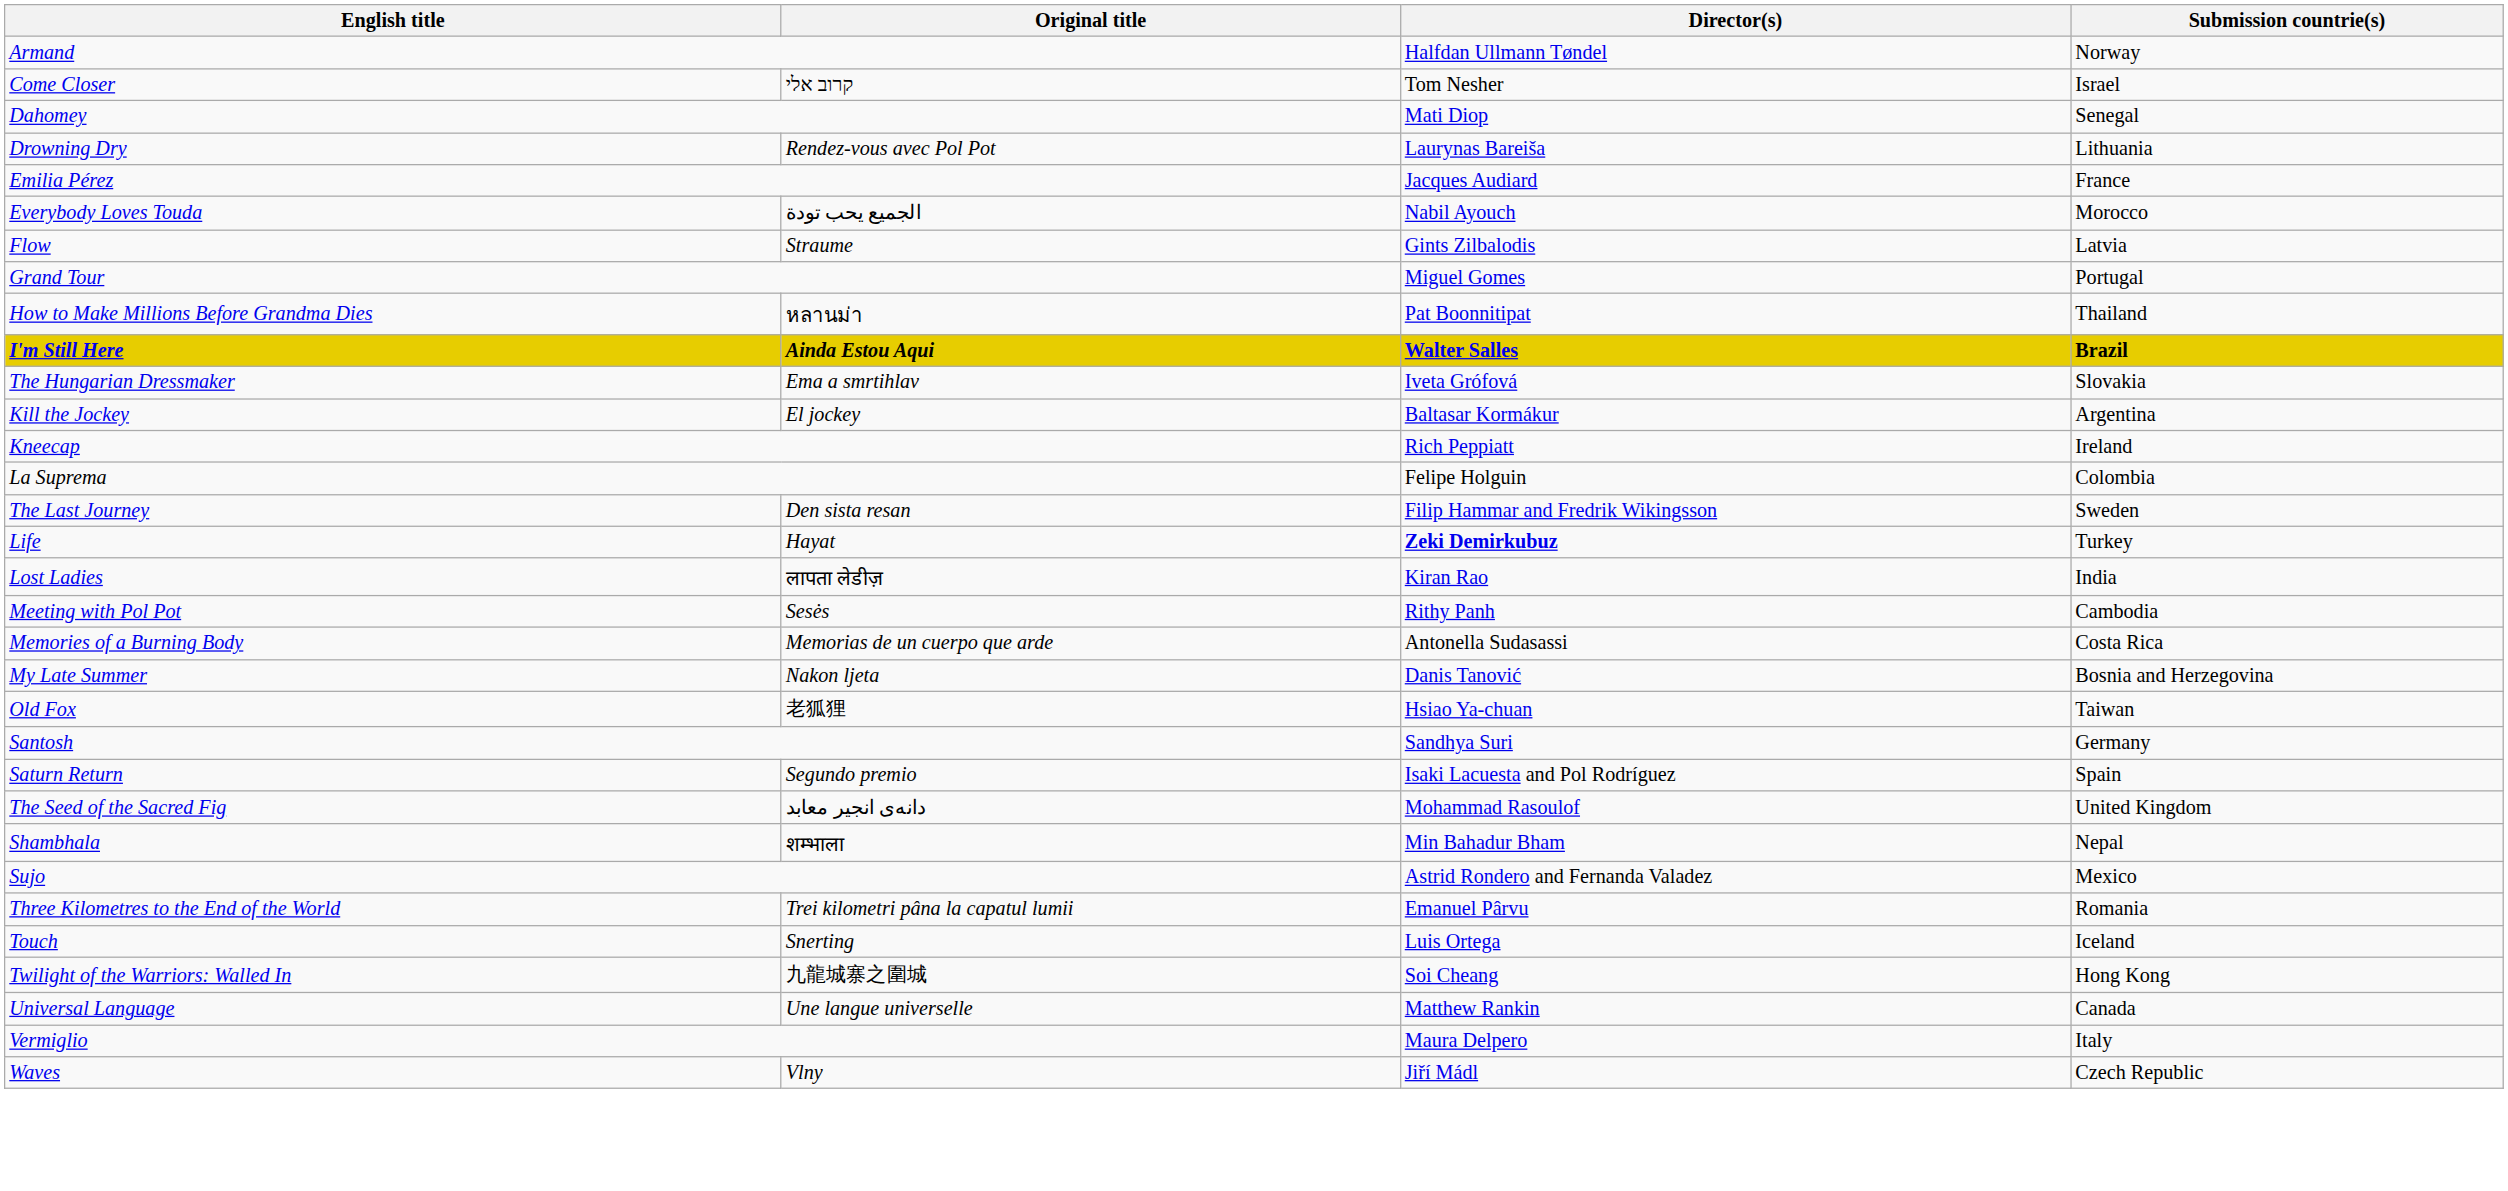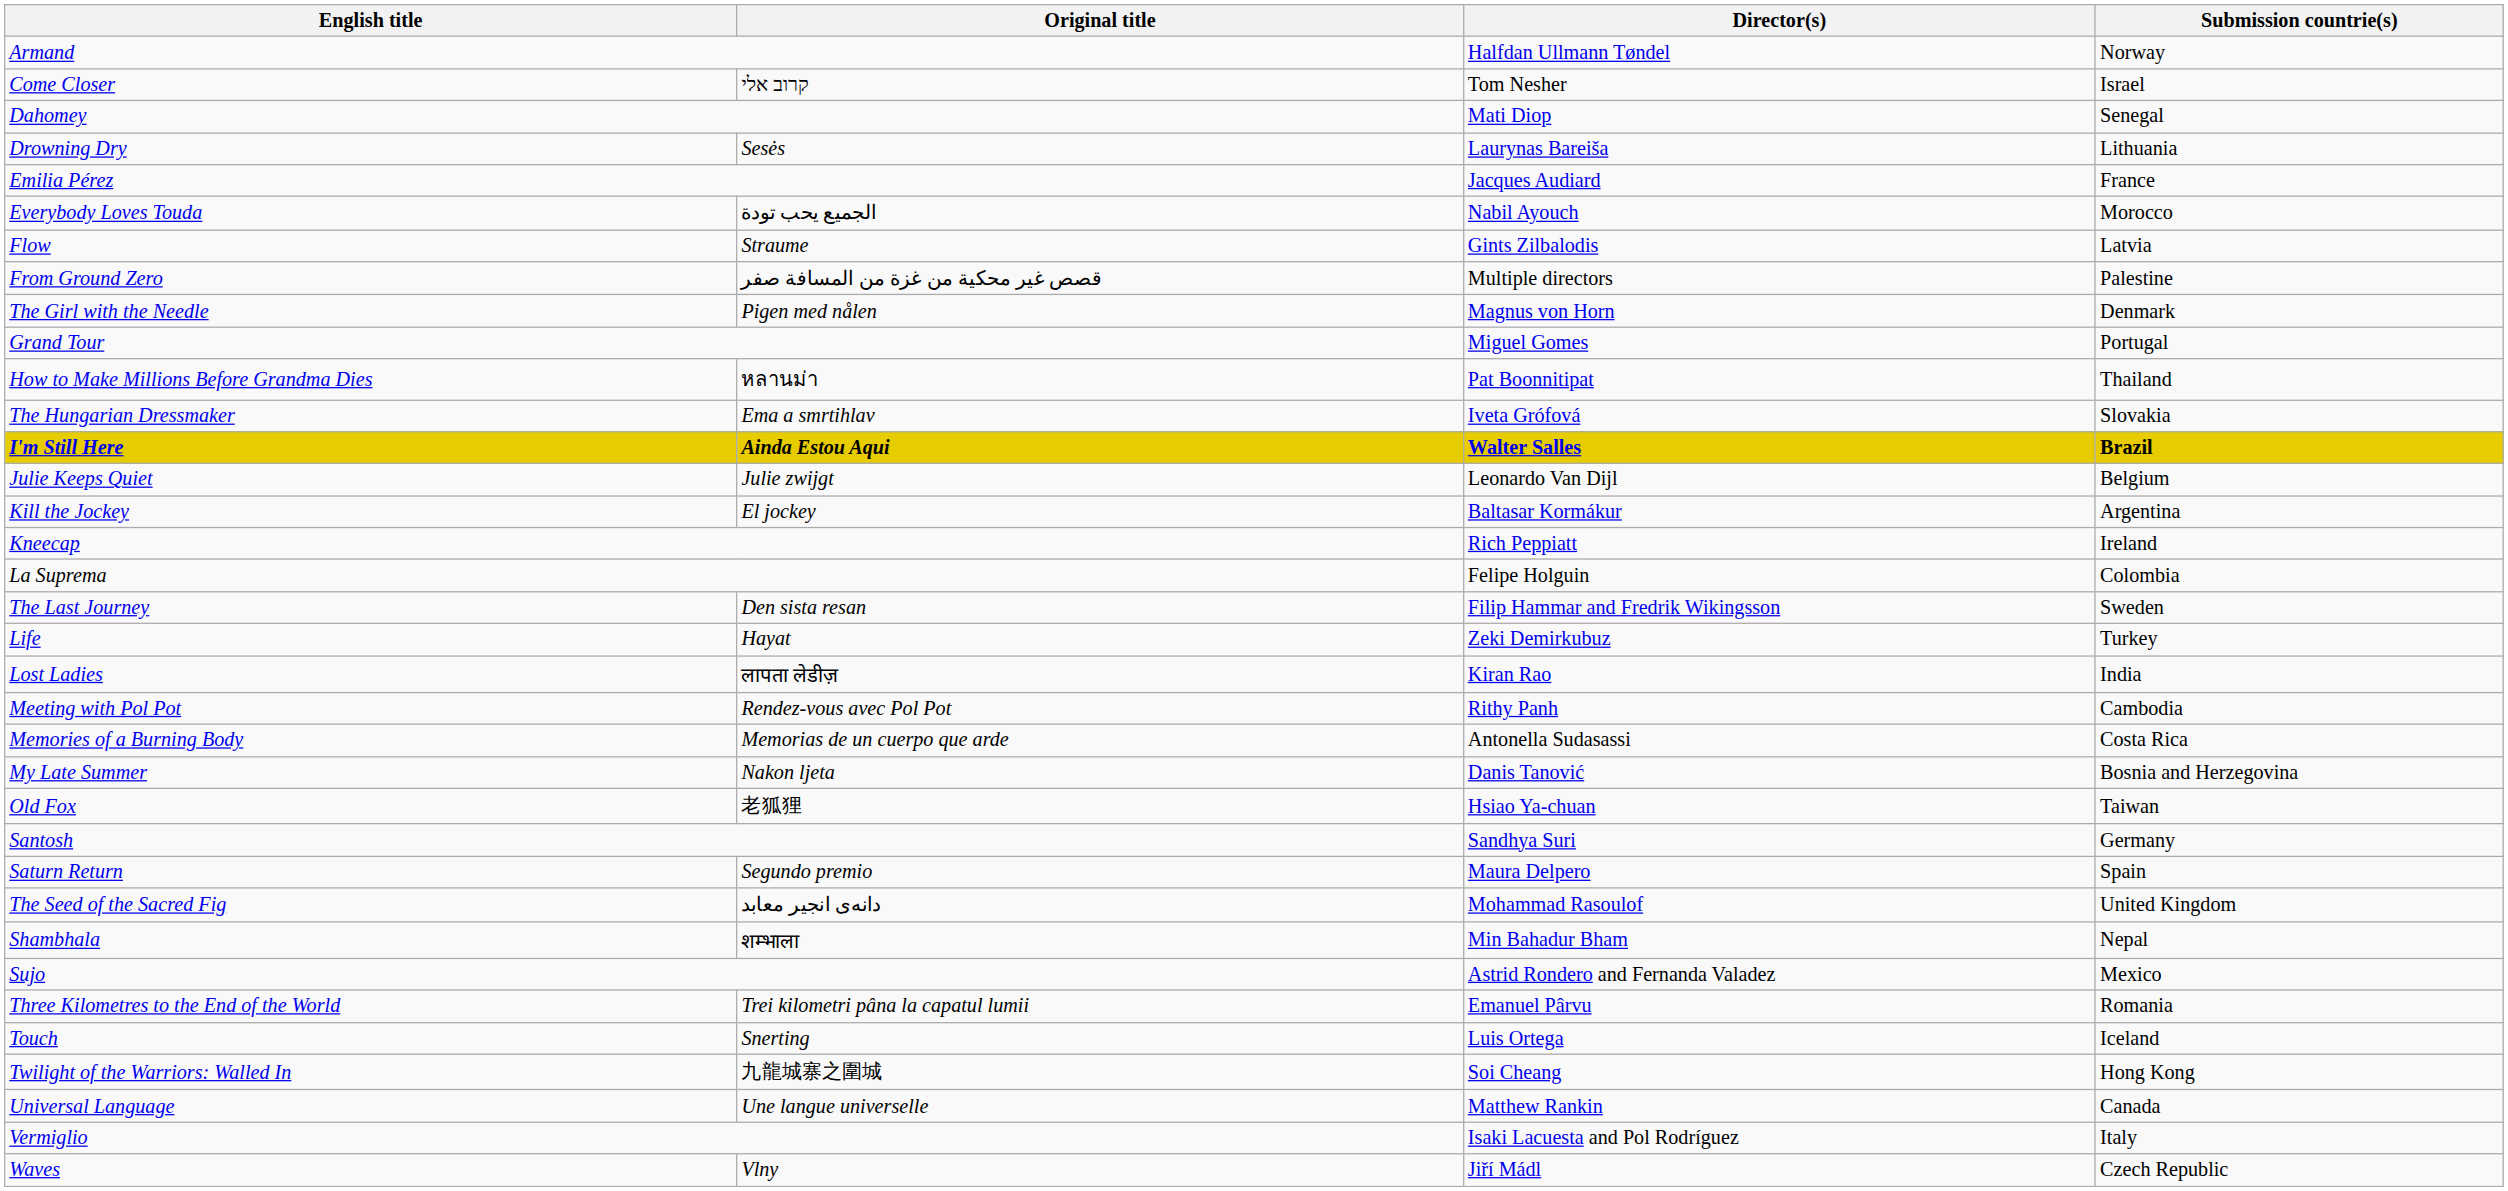 <table class="sortable wikitable" style="width:100%; margin-bottom:4px" cellpadding="5">
 <tr>
 <th scope="col">English title</th>
 <th scope="col">Original title</th>
 <th scope="col">Director(s)</th>
 <th scope="col">Submission countrie(s)</th>
 </tr>
 <tr>
 <td colspan="2"><em><a href='#'>Armand</a></em></td>
 <td><a href='#'>Halfdan Ullmann Tøndel</a></td>
 <td>Norway</td>
 </tr>
 <tr>
 <td><em><a href='#'>Come Closer</a></em></td>
 <td>קרוב אלי</td>
 <td>Tom Nesher</td>
 <td>Israel</td>
 </tr>
 <tr>
 <td colspan="2"><em><a href='#'>Dahomey</a></em></td>
 <td><a href='#'>Mati Diop</a></td>
 <td>Senegal</td>
 </tr>
 <tr>
 <td><em><a href='#'>Drowning Dry</a></em></td>
-<td><em>Rendez-vous avec Pol Pot</em></td>
+<td><em>Sesės</em></td>
 <td><a href='#'>Laurynas Bareiša</a></td>
 <td>Lithuania</td>
 </tr>
 <tr>
 <td colspan="2"><em><a href='#'>Emilia Pérez</a></em></td>
 <td><a href='#'>Jacques Audiard</a></td>
 <td>France</td>
 </tr>
 <tr>
 <td><em><a href='#'>Everybody Loves Touda</a></em></td>
 <td>الجميع يحب تودة</td>
 <td><a href='#'>Nabil Ayouch</a></td>
 <td>Morocco</td>
 </tr>
 <tr>
 <td><em><a href='#'>Flow</a></em></td>
 <td><em>Straume</em></td>
 <td><a href='#'>Gints Zilbalodis</a></td>
 <td>Latvia</td>
 </tr>
 <tr>
+<td><em><a href='#'>From Ground Zero</a></em></td>
+<td>قصص غير محكية من غزة من المسافة صفر</td>
+<td>Multiple directors</td>
+<td>Palestine</td>
+</tr>
+<tr>
+<td><em><a href='#'>The Girl with the Needle</a></em></td>
+<td><em>Pigen med nålen</em></td>
+<td><a href='#'>Magnus von Horn</a></td>
+<td>Denmark</td>
+</tr>
+<tr>
 <td colspan="2"><em><a href='#'>Grand Tour</a></em></td>
 <td><a href='#'>Miguel Gomes</a></td>
 <td>Portugal</td>
 </tr>
 <tr>
 <td><em><a href='#'>How to Make Millions Before Grandma Dies</a></em></td>
 <td>หลานม่า</td>
 <td><a href='#'>Pat Boonnitipat</a></td>
 <td>Thailand</td>
 </tr>
+<tr>
+<td><em><a href='#'>The Hungarian Dressmaker</a></em></td>
+<td><em>Ema a smrtihlav</em></td>
+<td><a href='#'>Iveta Grófová</a></td>
+<td>Slovakia</td>
+</tr>
 <tr style="background:#E7CD00;">
 <td><strong><em><a href='#'>I'm Still Here</a></em></strong></td>
 <td><strong><em>Ainda Estou Aqui</em></strong></td>
 <td><strong><a href='#'>Walter Salles</a></strong></td>
 <td><strong>Brazil</strong></td>
 </tr>
 <tr>
-<td><em><a href='#'>The Hungarian Dressmaker</a></em></td>
-<td><em>Ema a smrtihlav</em></td>
-<td><a href='#'>Iveta Grófová</a></td>
-<td>Slovakia</td>
+<td><em><a href='#'>Julie Keeps Quiet</a></em></td>
+<td><em>Julie zwijgt</em></td>
+<td>Leonardo Van Dijl</td>
+<td>Belgium</td>
 </tr>
 <tr>
 <td><em><a href='#'>Kill the Jockey</a></em></td>
 <td><em>El jockey</em></td>
 <td><a href='#'>Baltasar Kormákur</a></td>
 <td>Argentina</td>
 </tr>
 <tr>
 <td colspan="2"><em><a href='#'>Kneecap</a></em></td>
 <td><a href='#'>Rich Peppiatt</a></td>
 <td>Ireland</td>
 </tr>
 <tr>
 <td colspan="2"><em>La Suprema</em></td>
 <td>Felipe Holguin</td>
 <td>Colombia</td>
 </tr>
 <tr>
 <td><em><a href='#'>The Last Journey</a></em></td>
 <td><em>Den sista resan</em></td>
 <td><a href='#'>Filip Hammar and Fredrik Wikingsson</a></td>
 <td>Sweden</td>
 </tr>
 <tr>
 <td><em><a href='#'>Life</a></em></td>
 <td><em>Hayat</em></td>
-<td><strong><a href='#'>Zeki Demirkubuz</a></strong></td>
+<td><a href='#'>Zeki Demirkubuz</a></td>
 <td>Turkey</td>
 </tr>
 <tr>
 <td><em><a href='#'>Lost Ladies</a></em></td>
 <td>लापता लेडीज़</td>
 <td><a href='#'>Kiran Rao</a></td>
 <td>India</td>
 </tr>
 <tr>
 <td><em><a href='#'>Meeting with Pol Pot</a></em></td>
-<td><em>Sesės</em></td>
+<td><em>Rendez-vous avec Pol Pot</em></td>
 <td><a href='#'>Rithy Panh</a></td>
 <td>Cambodia</td>
 </tr>
 <tr>
 <td><em><a href='#'>Memories of a Burning Body</a></em></td>
 <td><em>Memorias de un cuerpo que arde</em></td>
 <td>Antonella Sudasassi</td>
 <td>Costa Rica</td>
 </tr>
 <tr>
 <td><em><a href='#'>My Late Summer</a></em></td>
 <td><em>Nakon ljeta</em></td>
 <td><a href='#'>Danis Tanović</a></td>
 <td>Bosnia and Herzegovina</td>
 </tr>
 <tr>
 <td><em><a href='#'>Old Fox</a></em></td>
 <td>老狐狸</td>
 <td><a href='#'>Hsiao Ya-chuan</a></td>
 <td>Taiwan</td>
 </tr>
 <tr>
 <td colspan="2"><em><a href='#'>Santosh</a></em></td>
 <td><a href='#'>Sandhya Suri</a></td>
 <td>Germany</td>
 </tr>
 <tr>
 <td><em><a href='#'>Saturn Return</a></em></td>
 <td><em>Segundo premio</em></td>
-<td><a href='#'>Isaki Lacuesta</a> and Pol Rodríguez</td>
+<td><a href='#'>Maura Delpero</a></td>
 <td>Spain</td>
 </tr>
 <tr>
 <td><em><a href='#'>The Seed of the Sacred Fig</a></em></td>
 <td>دانه‌ی انجیر معابد</td>
 <td><a href='#'>Mohammad Rasoulof</a></td>
 <td>United Kingdom</td>
 </tr>
 <tr>
 <td><em><a href='#'>Shambhala</a></em></td>
 <td>शम्भाला</td>
 <td><a href='#'>Min Bahadur Bham</a></td>
 <td>Nepal</td>
 </tr>
 <tr>
 <td colspan="2"><em><a href='#'>Sujo</a></em></td>
 <td><a href='#'>Astrid Rondero</a> and Fernanda Valadez</td>
 <td>Mexico</td>
 </tr>
 <tr>
 <td><em><a href='#'>Three Kilometres to the End of the World</a></em></td>
 <td><em>Trei kilometri pâna la capatul lumii</em></td>
 <td><a href='#'>Emanuel Pârvu</a></td>
 <td>Romania</td>
 </tr>
 <tr>
 <td><em><a href='#'>Touch</a></em></td>
 <td><em>Snerting</em></td>
 <td><a href='#'>Luis Ortega</a></td>
 <td>Iceland</td>
 </tr>
 <tr>
 <td><em><a href='#'>Twilight of the Warriors: Walled In</a></em></td>
 <td>九龍城寨之圍城</td>
 <td><a href='#'>Soi Cheang</a></td>
 <td>Hong Kong</td>
 </tr>
 <tr>
 <td><em><a href='#'>Universal Language</a></em></td>
 <td><em>Une langue universelle</em></td>
 <td><a href='#'>Matthew Rankin</a></td>
 <td>Canada</td>
 </tr>
 <tr>
 <td colspan="2"><em><a href='#'>Vermiglio</a></em></td>
-<td><a href='#'>Maura Delpero</a></td>
+<td><a href='#'>Isaki Lacuesta</a> and Pol Rodríguez</td>
 <td>Italy</td>
 </tr>
 <tr>
 <td><em><a href='#'>Waves</a></em></td>
 <td><em>Vlny</em></td>
 <td><a href='#'>Jiří Mádl</a></td>
 <td>Czech Republic</td>
 </tr>
 </table>
